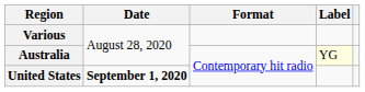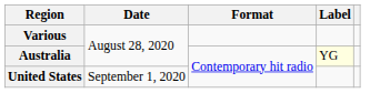 <table class="wikitable plainrowheaders">
 <tr>
 <th scope="col">Region</th>
 <th scope="col">Date</th>
 <th scope="col">Format</th>
 <th scope="col">Label</th>
 <th scope="col"></th>
 </tr>
 <tr>
 <th scope="row">Various</th>
 <td rowspan="2">August 28, 2020</td>
 <td></td>
 <td></td>
 <td align="center"></td>
 </tr>
 <tr>
 <th scope="row">Australia</th>
 <td rowspan="2"><a href='#'>Contemporary hit radio</a></td>
 <td style="background: lightyellow;">YG</td>
 <td align="center"></td>
 </tr>
 <tr>
 <th scope="row">United States</th>
-<td><strong>September 1, 2020</strong></td>
+<td>September 1, 2020</td>
 <td></td>
 <td align="center"></td>
 </tr>
 </table>
